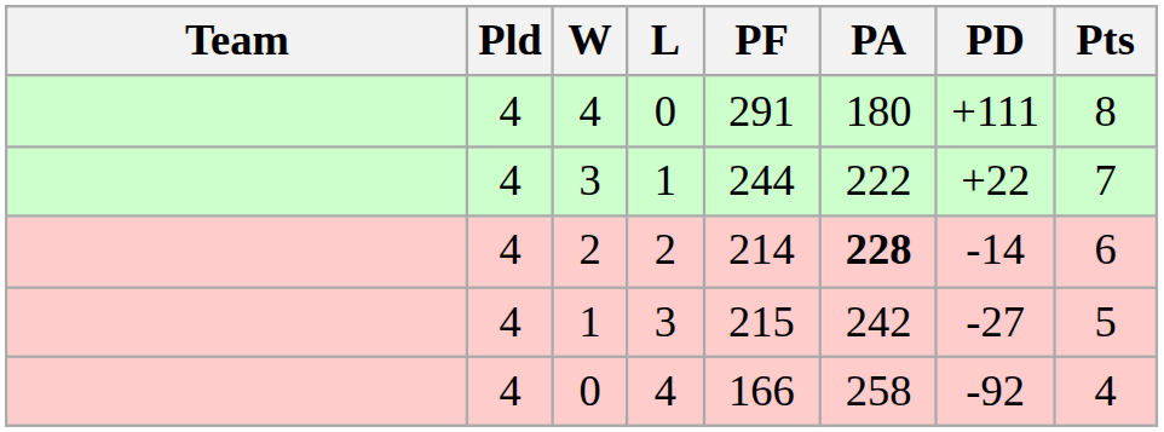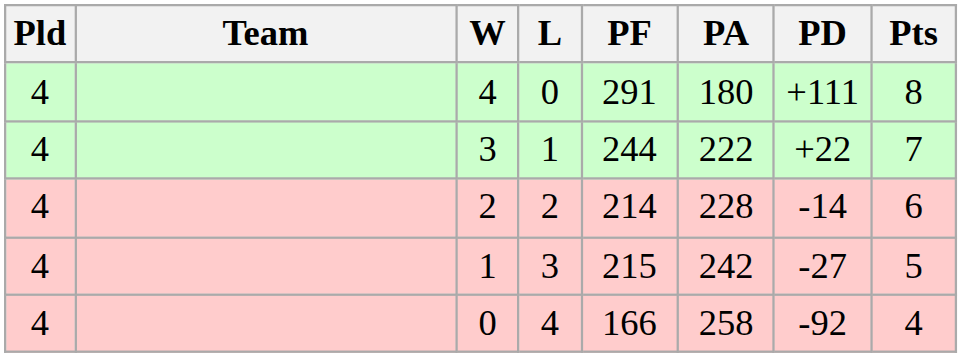 <table class=wikitable style="text-align:center">
 <tr>
+<th width=20>Pld</th>
 <th width=160>Team</th>
-<th width=20>Pld</th>
 <th width=20>W</th>
 <th width=20>L</th>
 <th width=35>PF</th>
 <th width=35>PA</th>
 <th width=35>PD</th>
 <th width=30>Pts</th>
 </tr>
 <tr align="center" bgcolor="#CCFFCC">
+<td>4</td>
 <td align=left></td>
-<td>4</td>
 <td>4</td>
 <td>0</td>
 <td>291</td>
 <td>180</td>
 <td>+111</td>
 <td>8</td>
 </tr>
 <tr align="center" bgcolor="#CCFFCC">
+<td>4</td>
 <td align=left></td>
-<td>4</td>
 <td>3</td>
 <td>1</td>
 <td>244</td>
 <td>222</td>
 <td>+22</td>
 <td>7</td>
 </tr>
 <tr align="center" bgcolor="#FFCCCC">
+<td>4</td>
 <td align=left></td>
-<td>4</td>
 <td>2</td>
 <td>2</td>
 <td>214</td>
-<td><strong>228</strong></td>
+<td>228</td>
 <td>-14</td>
 <td>6</td>
 </tr>
 <tr align="center" bgcolor="#FFCCCC">
+<td>4</td>
 <td align=left></td>
-<td>4</td>
 <td>1</td>
 <td>3</td>
 <td>215</td>
 <td>242</td>
 <td>-27</td>
 <td>5</td>
 </tr>
 <tr align="center" bgcolor="#FFCCCC">
+<td>4</td>
 <td align=left></td>
-<td>4</td>
 <td>0</td>
 <td>4</td>
 <td>166</td>
 <td>258</td>
 <td>-92</td>
 <td>4</td>
 </tr>
 </table>
